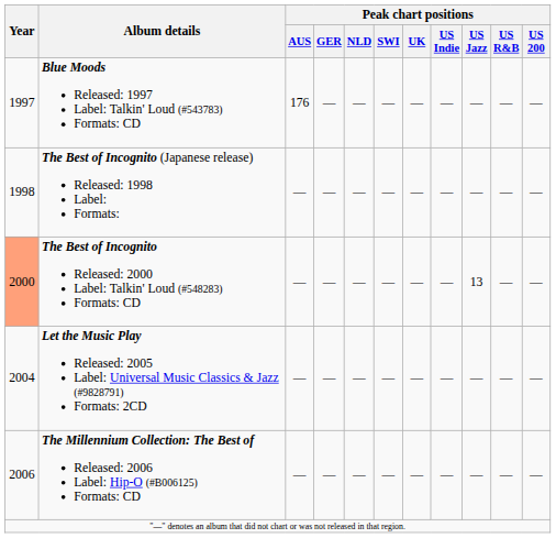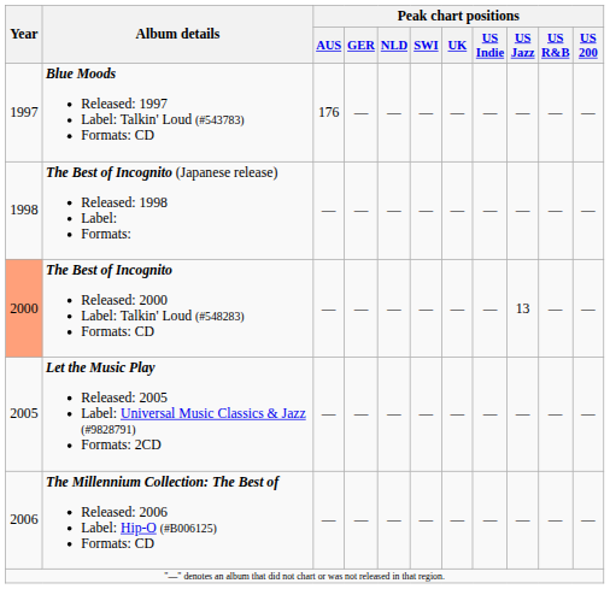 <table class="wikitable" style="text-align:center">
 <tr>
 <th width="35" rowspan="2">Year</th>
 <th width="300" rowspan="2">Album details</th>
 <th colspan="9">Peak chart positions</th>
 </tr>
 <tr>
 <th style="width:2em;font-size:90%;"><a href='#'>AUS</a><br></th>
 <th style="width:2em;font-size:90%;"><a href='#'>GER</a></th>
 <th style="width:2em;font-size:90%;"><a href='#'>NLD</a></th>
 <th style="width:2em;font-size:90%;"><a href='#'>SWI</a></th>
 <th style="width:2em;font-size:90%;"><a href='#'>UK</a></th>
 <th style="width:2em;font-size:90%;"><a href='#'>US Indie</a></th>
 <th style="width:2em;font-size:90%;"><a href='#'>US Jazz</a> <br></th>
 <th style="width:2em;font-size:90%;"><a href='#'>US R&B</a></th>
 <th style="width:2em;font-size:90%;"><a href='#'>US 200</a></th>
 </tr>
 <tr>
 <td>1997</td>
 <td align="left"><strong><em>Blue Moods</em></strong><br><ul><li>Released: 1997</li><li>Label: Talkin' Loud <small>(#543783)</small></li><li>Formats: CD</li></ul></td>
 <td>176</td>
 <td>—</td>
 <td>—</td>
 <td>—</td>
 <td>—</td>
 <td>—</td>
 <td>—</td>
 <td>—</td>
 <td>—</td>
 </tr>
 <tr>
 <td>1998</td>
 <td align="left"><strong><em>The Best of Incognito</em></strong> (Japanese release)<br><ul><li>Released: 1998</li><li>Label:  <small></small></li><li>Formats:</li></ul></td>
 <td>—</td>
 <td>—</td>
 <td>—</td>
 <td>—</td>
 <td>—</td>
 <td>—</td>
 <td>—</td>
 <td>—</td>
 <td>—</td>
 </tr>
 <tr>
 <td style="background: lightsalmon;">2000</td>
 <td align="left"><strong><em>The Best of Incognito</em></strong><br><ul><li>Released: 2000</li><li>Label: Talkin' Loud <small>(#548283)</small></li><li>Formats: CD</li></ul></td>
 <td>—</td>
 <td>—</td>
 <td>—</td>
 <td>—</td>
 <td>—</td>
 <td>—</td>
 <td>13</td>
 <td>—</td>
 <td>—</td>
 </tr>
 <tr>
-<td>2004</td>
+<td>2005</td>
 <td align="left"><strong><em>Let the Music Play</em></strong><br><ul><li>Released: 2005</li><li>Label: <a href='#'>Universal Music Classics & Jazz</a> <small>(#9828791)</small></li><li>Formats: 2CD</li></ul></td>
 <td>—</td>
 <td>—</td>
 <td>—</td>
 <td>—</td>
 <td>—</td>
 <td>—</td>
 <td>—</td>
 <td>—</td>
 <td>—</td>
 </tr>
 <tr>
 <td>2006</td>
 <td align="left"><strong><em>The Millennium Collection: The Best of</em></strong><br><ul><li>Released: 2006</li><li>Label: <a href='#'>Hip-O</a> <small>(#B006125)</small></li><li>Formats: CD</li></ul></td>
 <td>—</td>
 <td>—</td>
 <td>—</td>
 <td>—</td>
 <td>—</td>
 <td>—</td>
 <td>—</td>
 <td>—</td>
 <td>—</td>
 </tr>
 <tr>
 <td colspan="11" style="font-size: 8pt">"—" denotes an album that did not chart or was not released in that region.</td>
 </tr>
 </table>
